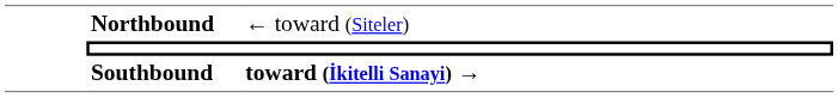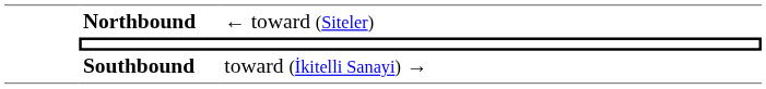 <table table border=0 cellspacing=0 cellpadding=3>
 <tr>
 <td style="border-top:solid 1px gray;border-bottom:solid 1px gray;" width=50 rowspan=3 valign=top></td>
 <td style="border-top:solid 1px gray;" width=100><strong>Northbound</strong></td>
 <td style="border-top:solid 1px gray;" width=400>←  toward  <small>(<a href='#'>Siteler</a>)</small></td>
 </tr>
 <tr>
 <td style="border-top:solid 2px black;border-right:solid 2px black;border-left:solid 2px black;border-bottom:solid 2px black;text-align:center;" colspan=2></td>
 </tr>
 <tr>
 <td style="border-bottom:solid 1px gray;"><strong>Southbound</strong></td>
-<td style="border-bottom:solid 1px gray;"><strong> toward  <small>(<a href='#'>İkitelli Sanayi</a>)</small> →</strong></td>
+<td style="border-bottom:solid 1px gray;"> toward  <small>(<a href='#'>İkitelli Sanayi</a>)</small> →</td>
 </tr>
 </table>
